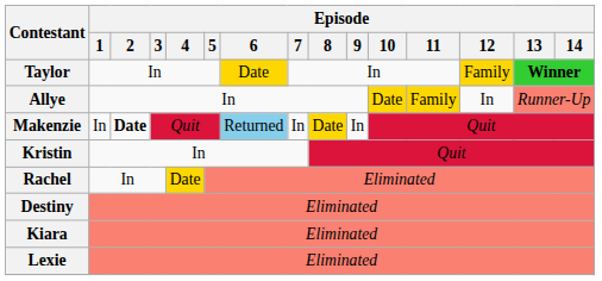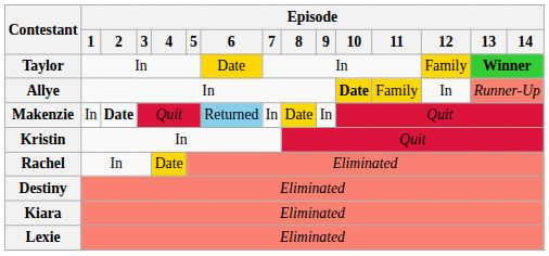 <table class="wikitable" style="text-align:center; font-size:90%;">
 <tr>
 <th rowspan="2">Contestant</th>
 <th colspan="14">Episode</th>
 </tr>
 <tr>
 <th>1</th>
 <th>2</th>
 <th>3</th>
 <th>4</th>
 <th>5</th>
 <th>6</th>
 <th>7</th>
 <th>8</th>
 <th>9</th>
 <th>10</th>
 <th>11</th>
 <th>12</th>
 <th>13</th>
 <th>14</th>
 </tr>
 <tr>
 <th>Taylor</th>
 <td colspan="5">In</td>
 <td style="background:gold;">Date</td>
 <td colspan="5">In</td>
 <td style="background:gold;">Family</td>
 <td colspan="2" bgcolor="limegreen"><strong>Winner</strong></td>
 </tr>
 <tr>
 <th>Allye</th>
 <td colspan="9">In</td>
-<td style="background:gold;">Date</td>
+<td style="background:gold;"><strong>Date</strong></td>
 <td style="background:gold;">Family</td>
 <td>In</td>
 <td colspan="2" bgcolor="salmon"><em>Runner-Up</em></td>
 </tr>
 <tr>
 <th>Makenzie</th>
 <td>In</td>
 <td><strong>Date</strong></td>
 <td style="background:crimson;" colspan="3"><span><em>Quit</em></span></td>
 <td bgcolor="skyblue">Returned</td>
 <td>In</td>
 <td style="background:gold;">Date</td>
 <td>In</td>
 <td style="background:crimson;" colspan="5"><span><em>Quit</em></span></td>
 </tr>
 <tr>
 <th>Kristin</th>
 <td colspan="7">In</td>
 <td style="background:crimson;" colspan="7"><span><em>Quit</em></span></td>
 </tr>
 <tr>
 <th>Rachel</th>
 <td colspan="3">In</td>
 <td style="background:gold;">Date</td>
 <td style="background:salmon;" colspan="10"><em>Eliminated</em></td>
 </tr>
 <tr>
 <th>Destiny</th>
 <td style="background:salmon;" colspan="14"><em>Eliminated</em></td>
 </tr>
 <tr>
 <th>Kiara</th>
 <td style="background:salmon;" colspan="14"><em>Eliminated</em></td>
 </tr>
 <tr>
 <th>Lexie</th>
 <td style="background:salmon;" colspan="14"><em>Eliminated</em></td>
 </tr>
 <tr>
 </tr>
 </table>
